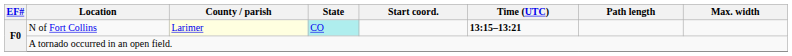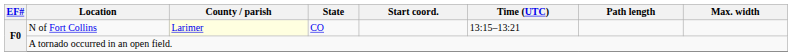 <table class="wikitable sortable" style="width:100%;">
 <tr>
 <th scope="col" width="2%" align="center"><a href='#'>EF#</a></th>
 <th scope="col" align="center" class="unsortable">Location</th>
 <th scope="col" align="center" class="unsortable">County / parish</th>
 <th scope="col" align="center">State</th>
 <th scope="col" align="center">Start coord.</th>
 <th scope="col" align="center">Time (<a href='#'>UTC</a>)</th>
 <th scope="col" align="center">Path length</th>
 <th scope="col" align="center">Max. width</th>
 </tr>
 <tr>
 <th scope="row" rowspan="2" style="background-color:#">F0</th>
 <td>N of <a href='#'>Fort Collins</a></td>
 <td style="background: lightyellow;"><a href='#'>Larimer</a></td>
-<td style="background: paleturquoise;"><a href='#'>CO</a></td>
+<td><a href='#'>CO</a></td>
 <td></td>
-<td><strong>13:15–13:21</strong></td>
+<td>13:15–13:21</td>
 <td></td>
 <td></td>
 </tr>
 <tr class="expand-child">
 <td colspan="8" style=" border-bottom: 1px solid black;">A tornado occurred in an open field.</td>
 </tr>
 <tr>
 </tr>
 </table>
